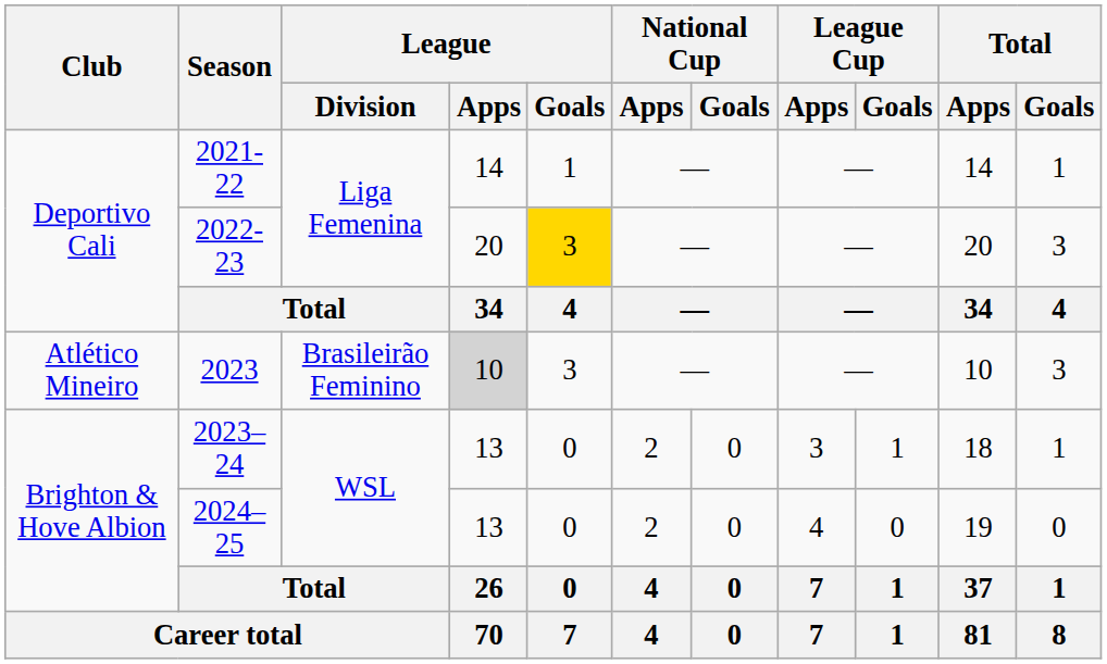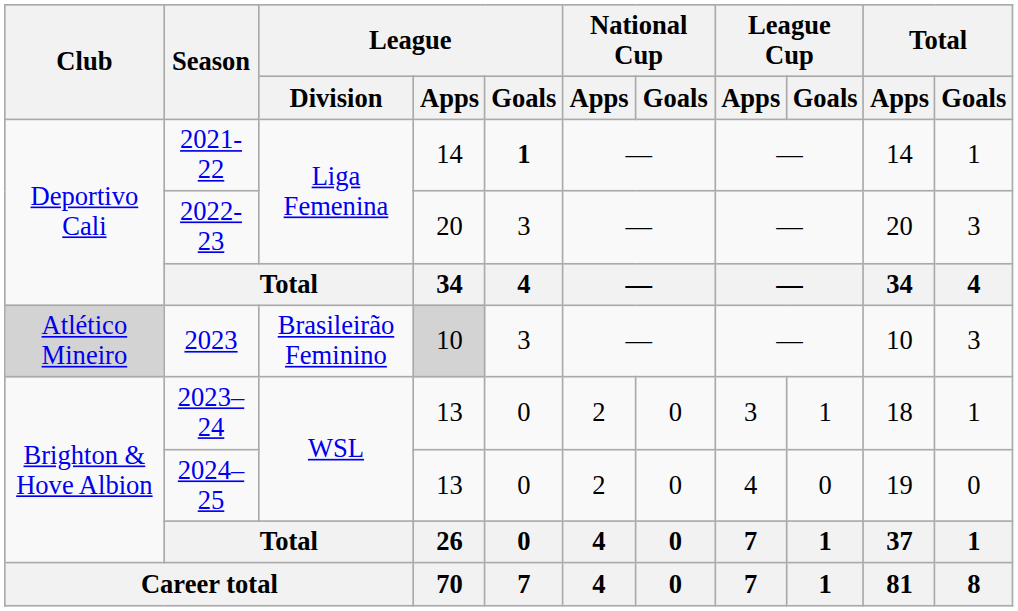 <table class="wikitable" style="text-align:center">
 <tr>
 <th rowspan="2">Club</th>
 <th rowspan="2">Season</th>
 <th colspan="3">League</th>
 <th colspan="2">National Cup</th>
 <th colspan="2">League Cup</th>
 <th colspan="2">Total</th>
 </tr>
 <tr>
 <th>Division</th>
 <th>Apps</th>
 <th>Goals</th>
 <th>Apps</th>
 <th>Goals</th>
 <th>Apps</th>
 <th>Goals</th>
 <th>Apps</th>
 <th>Goals</th>
 </tr>
 <tr>
 <td rowspan=3><a href='#'>Deportivo Cali</a></td>
 <td><a href='#'>2021-22</a></td>
 <td rowspan=2><a href='#'>Liga Femenina</a></td>
 <td>14</td>
-<td>1</td>
+<td><strong>1</strong></td>
 <td colspan=2>—</td>
 <td colspan=2>—</td>
 <td>14</td>
 <td>1</td>
 </tr>
 <tr>
 <td><a href='#'>2022-23</a></td>
 <td>20</td>
-<td style="background: gold;">3</td>
+<td>3</td>
 <td colspan=2>—</td>
 <td colspan=2>—</td>
 <td>20</td>
 <td>3</td>
 </tr>
 <tr>
 <th colspan="2">Total</th>
 <th>34</th>
 <th>4</th>
 <th colspan=2>—</th>
 <th colspan=2>—</th>
 <th>34</th>
 <th>4</th>
 </tr>
 <tr>
-<td><a href='#'>Atlético Mineiro</a></td>
+<td style="background: lightgrey;"><a href='#'>Atlético Mineiro</a></td>
 <td><a href='#'>2023</a></td>
 <td><a href='#'>Brasileirão Feminino</a></td>
 <td style="background: lightgrey;">10</td>
 <td>3</td>
 <td colspan=2>—</td>
 <td colspan=2>—</td>
 <td>10</td>
 <td>3</td>
 </tr>
 <tr>
 <td rowspan=3><a href='#'>Brighton & Hove Albion</a></td>
 <td><a href='#'>2023–24</a></td>
 <td rowspan=2><a href='#'>WSL</a></td>
 <td>13</td>
 <td>0</td>
 <td>2</td>
 <td>0</td>
 <td>3</td>
 <td>1</td>
 <td>18</td>
 <td>1</td>
 </tr>
 <tr>
 <td><a href='#'>2024–25</a></td>
 <td>13</td>
 <td>0</td>
 <td>2</td>
 <td>0</td>
 <td>4</td>
 <td>0</td>
 <td>19</td>
 <td>0</td>
 </tr>
 <tr>
 <th colspan="2">Total</th>
 <th>26</th>
 <th>0</th>
 <th>4</th>
 <th>0</th>
 <th>7</th>
 <th>1</th>
 <th>37</th>
 <th>1</th>
 </tr>
 <tr>
 <th colspan="3">Career total</th>
 <th>70</th>
 <th>7</th>
 <th>4</th>
 <th>0</th>
 <th>7</th>
 <th>1</th>
 <th>81</th>
 <th>8</th>
 </tr>
 </table>
